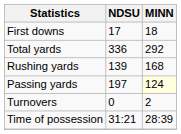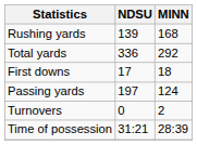 <table class="wikitable" style="float: left;">
 <tr>
 <th>Statistics</th>
 <th>NDSU</th>
 <th>MINN</th>
 </tr>
 <tr>
-<td>First downs</td>
-<td>17</td>
-<td>18</td>
+<td>Rushing yards</td>
+<td>139</td>
+<td>168</td>
 </tr>
 <tr>
 <td>Total yards</td>
 <td>336</td>
 <td>292</td>
 </tr>
 <tr>
-<td>Rushing yards</td>
-<td>139</td>
-<td>168</td>
+<td>First downs</td>
+<td>17</td>
+<td>18</td>
 </tr>
 <tr>
 <td>Passing yards</td>
 <td>197</td>
-<td style="background: lightyellow;">124</td>
+<td>124</td>
 </tr>
 <tr>
 <td>Turnovers</td>
 <td>0</td>
 <td>2</td>
 </tr>
 <tr>
 <td>Time of possession</td>
 <td>31:21</td>
 <td>28:39</td>
 </tr>
 <tr>
 </tr>
 </table>
